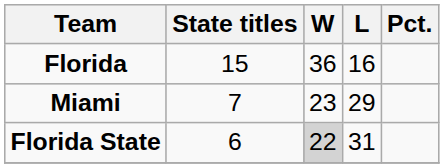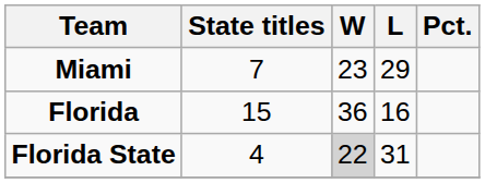 <table class="wikitable sortable" style="font-size: 100%;text-align: center;">
 <tr>
 <th>Team</th>
 <th>State titles</th>
 <th>W</th>
 <th>L</th>
 <th>Pct.</th>
 </tr>
 <tr>
+<td><strong>Miami</strong></td>
+<td>7</td>
+<td>23</td>
+<td>29</td>
+<td></td>
+</tr>
+<tr>
 <td>  <strong>Florida</strong>  </td>
 <td>15</td>
 <td>36</td>
 <td>16</td>
 <td></td>
 </tr>
 <tr>
-<td><strong>Miami</strong></td>
-<td>7</td>
-<td>23</td>
-<td>29</td>
-<td></td>
-</tr>
-<tr>
 <td><strong>Florida State</strong></td>
-<td>6</td>
+<td>4</td>
 <td style="background: lightgrey;">22</td>
 <td>31</td>
 <td></td>
 </tr>
 <tr>
 </tr>
 </table>
